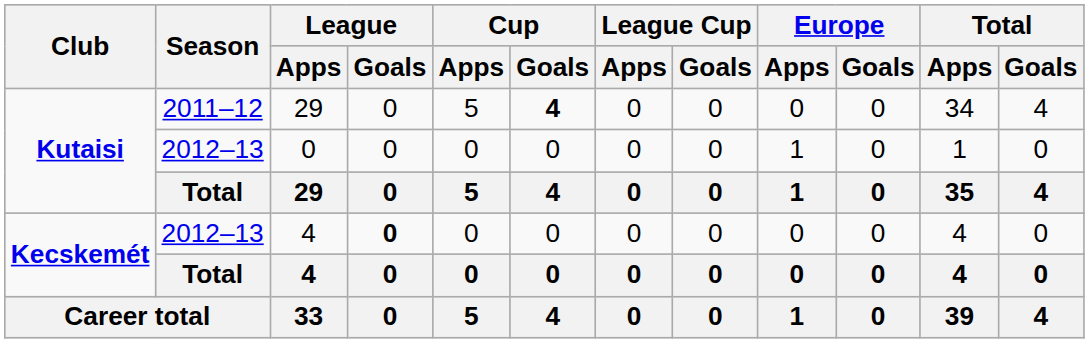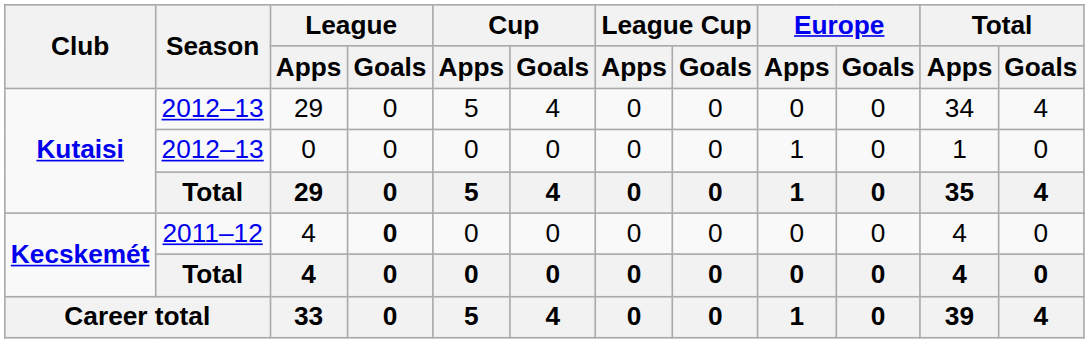 <table class="wikitable" style="text-align: center;">
 <tr>
 <th rowspan="2">Club</th>
 <th rowspan="2">Season</th>
 <th colspan="2">League</th>
 <th colspan="2">Cup</th>
 <th colspan="2">League Cup</th>
 <th colspan="2"><a href='#'>Europe</a></th>
 <th colspan="2">Total</th>
 </tr>
 <tr>
 <th>Apps</th>
 <th>Goals</th>
 <th>Apps</th>
 <th>Goals</th>
 <th>Apps</th>
 <th>Goals</th>
 <th>Apps</th>
 <th>Goals</th>
 <th>Apps</th>
 <th>Goals</th>
 </tr>
 <tr>
 <td rowspan="3"><strong><a href='#'>Kutaisi</a></strong></td>
-<td><a href='#'>2011–12</a></td>
+<td><a href='#'>2012–13</a></td>
 <td>29</td>
 <td>0</td>
 <td>5</td>
-<td><strong>4</strong></td>
+<td>4</td>
 <td>0</td>
 <td>0</td>
 <td>0</td>
 <td>0</td>
 <td>34</td>
 <td>4</td>
 </tr>
 <tr>
 <td><a href='#'>2012–13</a></td>
 <td>0</td>
 <td>0</td>
 <td>0</td>
 <td>0</td>
 <td>0</td>
 <td>0</td>
 <td>1</td>
 <td>0</td>
 <td>1</td>
 <td>0</td>
 </tr>
 <tr>
 <th>Total</th>
 <th>29</th>
 <th>0</th>
 <th>5</th>
 <th>4</th>
 <th>0</th>
 <th>0</th>
 <th>1</th>
 <th>0</th>
 <th>35</th>
 <th>4</th>
 </tr>
 <tr>
 <td rowspan="2"><strong><a href='#'>Kecskemét</a></strong></td>
-<td><a href='#'>2012–13</a></td>
+<td><a href='#'>2011–12</a></td>
 <td>4</td>
 <td><strong>0</strong></td>
 <td>0</td>
 <td>0</td>
 <td>0</td>
 <td>0</td>
 <td>0</td>
 <td>0</td>
 <td>4</td>
 <td>0</td>
 </tr>
 <tr>
 <th>Total</th>
 <th>4</th>
 <th>0</th>
 <th>0</th>
 <th>0</th>
 <th>0</th>
 <th>0</th>
 <th>0</th>
 <th>0</th>
 <th>4</th>
 <th>0</th>
 </tr>
 <tr>
 <th colspan="2">Career total</th>
 <th>33</th>
 <th>0</th>
 <th>5</th>
 <th>4</th>
 <th>0</th>
 <th>0</th>
 <th>1</th>
 <th>0</th>
 <th>39</th>
 <th>4</th>
 </tr>
 </table>
